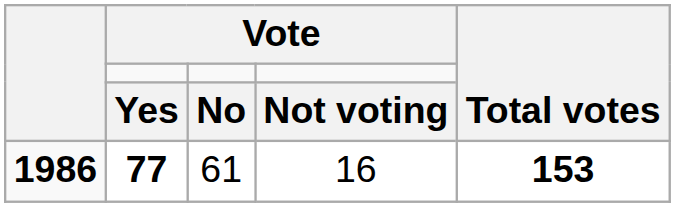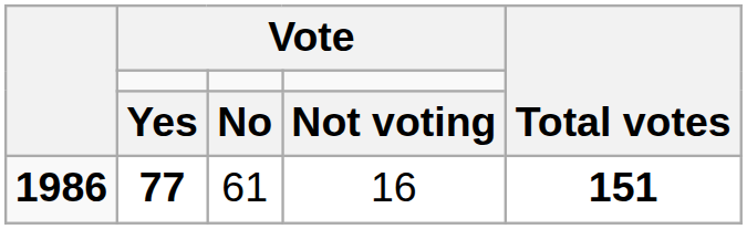 <table class=wikitable style="text-align:center">
 <tr style="vertical-align:bottom;">
 <th rowspan=3></th>
 <th colspan=3>Vote</th>
 <th rowspan=3>Total votes</th>
 </tr>
 <tr style="height:5px">
 <td style="background-color:"></td>
 <td style="background-color:"></td>
 <td style="background-color:"></td>
 </tr>
 <tr style="vertical-align:bottom;">
 <th>Yes</th>
 <th>No</th>
 <th>Not voting</th>
 </tr>
 <tr>
 <td><strong>1986</strong></td>
 <td style="background:#fff;"><strong>77</strong></td>
 <td style="background:#fff;">61</td>
 <td style="background:#fff;">16</td>
-<td style="background:#fff;"><strong>153</strong></td>
+<td style="background:#fff;"><strong>151</strong></td>
 </tr>
 </table>
